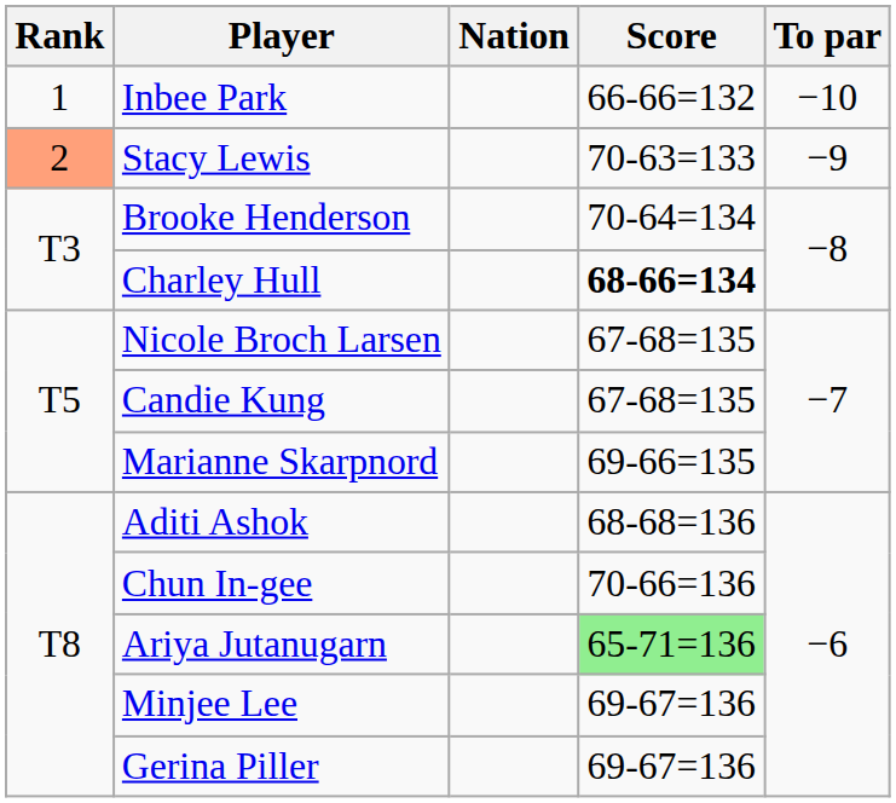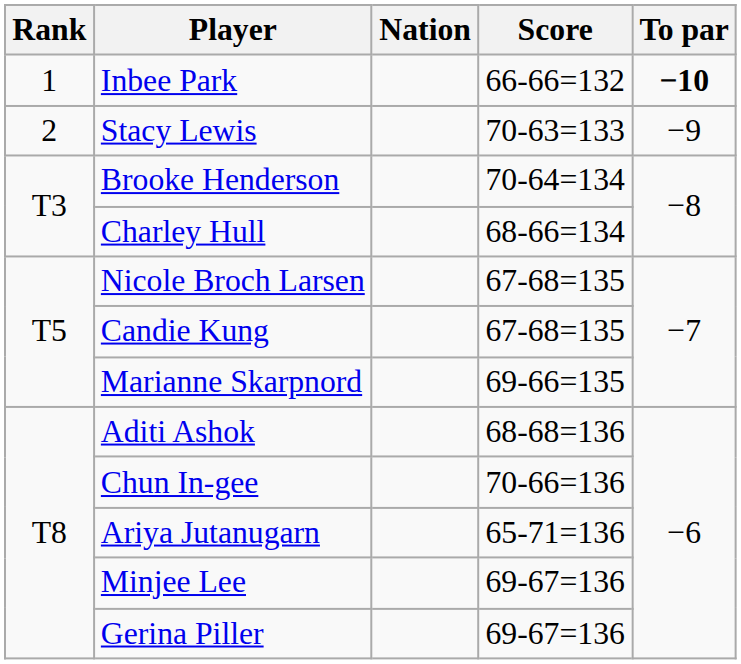 <table class="wikitable">
 <tr>
 <th>Rank</th>
 <th>Player</th>
 <th>Nation</th>
 <th>Score</th>
 <th>To par</th>
 </tr>
 <tr>
 <td align=center>1</td>
 <td align=left><a href='#'>Inbee Park</a></td>
 <td align=left></td>
 <td>66-66=132</td>
-<td align=center>−10</td>
+<td align=center><strong>−10</strong></td>
 </tr>
 <tr>
-<td align=center style="background: lightsalmon;">2</td>
+<td align=center>2</td>
 <td align=left><a href='#'>Stacy Lewis</a></td>
 <td align=left></td>
 <td>70-63=133</td>
 <td align=center>−9</td>
 </tr>
 <tr>
 <td align=center rowspan=2>T3</td>
 <td align=left><a href='#'>Brooke Henderson</a></td>
 <td align=left></td>
 <td>70-64=134</td>
 <td align=center rowspan=2>−8</td>
 </tr>
 <tr>
 <td align=left><a href='#'>Charley Hull</a></td>
 <td align=left></td>
-<td><strong>68-66=134</strong></td>
+<td>68-66=134</td>
 </tr>
 <tr>
 <td align=center rowspan=3>T5</td>
 <td align=left><a href='#'>Nicole Broch Larsen</a></td>
 <td align=left></td>
 <td>67-68=135</td>
 <td align=center rowspan=3>−7</td>
 </tr>
 <tr>
 <td align=left><a href='#'>Candie Kung</a></td>
 <td align=left></td>
 <td>67-68=135</td>
 </tr>
 <tr>
 <td align=left><a href='#'>Marianne Skarpnord</a></td>
 <td align=left></td>
 <td>69-66=135</td>
 </tr>
 <tr>
 <td align=center rowspan=5>T8</td>
 <td align=left><a href='#'>Aditi Ashok</a></td>
 <td align=left></td>
 <td>68-68=136</td>
 <td align=center rowspan=5>−6</td>
 </tr>
 <tr>
 <td align=left><a href='#'>Chun In-gee</a></td>
 <td align=left></td>
 <td>70-66=136</td>
 </tr>
 <tr>
 <td align=left><a href='#'>Ariya Jutanugarn</a></td>
 <td align=left></td>
-<td style="background: lightgreen;">65-71=136</td>
+<td>65-71=136</td>
 </tr>
 <tr>
 <td align=left><a href='#'>Minjee Lee</a></td>
 <td align=left></td>
 <td>69-67=136</td>
 </tr>
 <tr>
 <td align=left><a href='#'>Gerina Piller</a></td>
 <td align=left></td>
 <td>69-67=136</td>
 </tr>
 </table>
